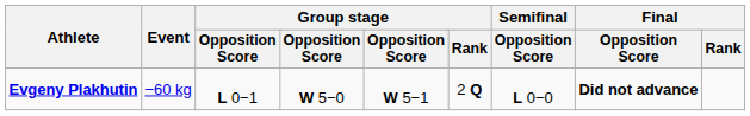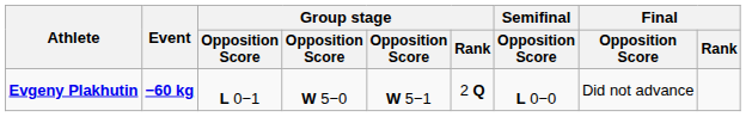 <table class="wikitable" style="text-align:center; font-size:90%">
 <tr>
 <th rowspan=2>Athlete</th>
 <th rowspan=2>Event</th>
 <th colspan=4>Group stage</th>
 <th>Semifinal</th>
 <th colspan=2>Final</th>
 </tr>
 <tr style="font-size:95%">
 <th>Opposition<br>Score</th>
 <th>Opposition<br>Score</th>
 <th>Opposition<br>Score</th>
 <th>Rank</th>
 <th>Opposition<br>Score</th>
 <th>Opposition<br>Score</th>
 <th>Rank</th>
 </tr>
 <tr>
 <td align=left><strong><a href='#'>Evgeny Plakhutin</a></strong></td>
-<td align=left><a href='#'>−60 kg</a></td>
+<td align=left><strong><a href='#'>−60 kg</a></strong></td>
 <td><br><strong>L</strong> 0−1</td>
 <td><br><strong>W</strong> 5−0</td>
 <td><br><strong>W</strong> 5−1</td>
 <td>2 <strong>Q</strong></td>
 <td><br><strong>L</strong> 0−0</td>
-<td><strong>Did not advance</strong></td>
+<td>Did not advance</td>
 <td></td>
 </tr>
 </table>
